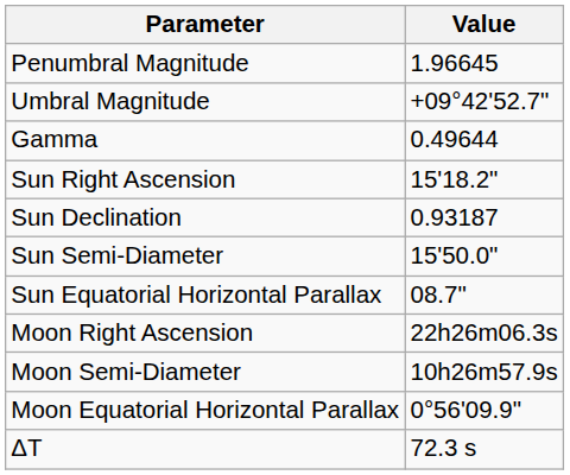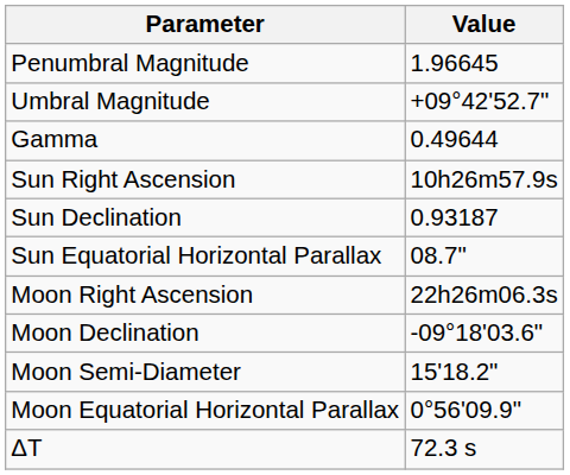 <table class="wikitable">
 <tr>
 <th>Parameter</th>
 <th>Value</th>
 </tr>
 <tr>
 <td>Penumbral Magnitude</td>
 <td>1.96645</td>
 </tr>
 <tr>
 <td>Umbral Magnitude</td>
 <td>+09°42'52.7"</td>
 </tr>
 <tr>
 <td>Gamma</td>
 <td>0.49644</td>
 </tr>
 <tr>
 <td>Sun Right Ascension</td>
-<td>15'18.2"</td>
+<td>10h26m57.9s</td>
 </tr>
 <tr>
 <td>Sun Declination</td>
 <td>0.93187</td>
-</tr>
-<tr>
-<td>Sun Semi-Diameter</td>
-<td>15'50.0"</td>
 </tr>
 <tr>
 <td>Sun Equatorial Horizontal Parallax</td>
 <td>08.7"</td>
 </tr>
 <tr>
 <td>Moon Right Ascension</td>
 <td>22h26m06.3s</td>
 </tr>
 <tr>
+<td>Moon Declination</td>
+<td>-09°18'03.6"</td>
+</tr>
+<tr>
 <td>Moon Semi-Diameter</td>
-<td>10h26m57.9s</td>
+<td>15'18.2"</td>
 </tr>
 <tr>
 <td>Moon Equatorial Horizontal Parallax</td>
 <td>0°56'09.9"</td>
 </tr>
 <tr>
 <td>ΔT</td>
 <td>72.3 s</td>
 </tr>
 </table>
